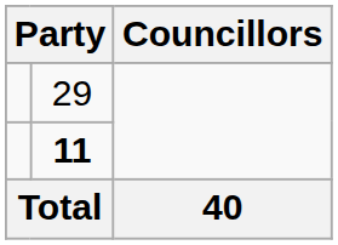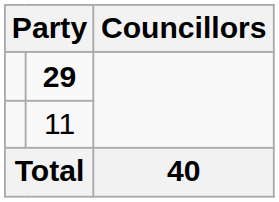 <table class="wikitable">
 <tr>
 <th colspan=2>Party</th>
 <th>Councillors</th>
 </tr>
 <tr>
 <td></td>
-<td align=center>29</td>
+<td align=center><strong>29</strong></td>
 </tr>
 <tr>
 <td></td>
-<td align=center><strong>11</strong></td>
+<td align=center>11</td>
 </tr>
 <tr>
 <th colspan=2>Total</th>
 <th align=center>40</th>
 </tr>
 </table>
